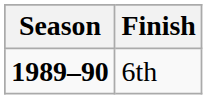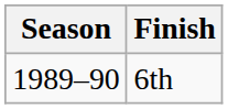 <table class="wikitable">
 <tr>
 <th>Season</th>
 <th>Finish</th>
 </tr>
 <tr>
-<td><strong>1989–90</strong></td>
+<td>1989–90</td>
 <td>6th</td>
 </tr>
 </table>
